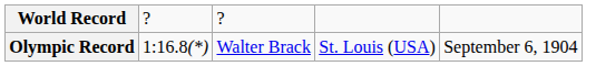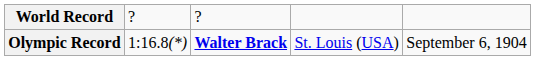 <table class="wikitable">
 <tr>
 <th>World Record</th>
 <td>?</td>
 <td>?</td>
 <td></td>
 <td></td>
 </tr>
 <tr>
 <th>Olympic Record</th>
 <td>1:16.8<em>(*)</em></td>
-<td> <a href='#'>Walter Brack</a></td>
+<td><strong> <a href='#'>Walter Brack</a></strong></td>
 <td><a href='#'>St. Louis</a> (<a href='#'>USA</a>)</td>
 <td>September 6, 1904</td>
 </tr>
 </table>
